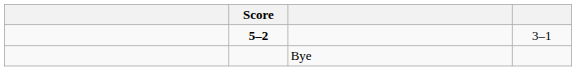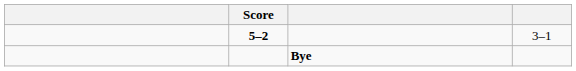 <table class="wikitable" style="text-align: center; ">
 <tr>
 <th align="right" width="270"></th>
 <th width="65">Score</th>
 <th align="left" width="270"></th>
 <th width="65"></th>
 </tr>
 <tr>
 <td align="left"><strong></strong></td>
 <td><strong>5–2</strong></td>
 <td align="left"></td>
 <td>3–1 <strong></strong></td>
 </tr>
 <tr>
 <td align="left"><strong></strong></td>
 <td></td>
-<td style="text-align:left;">Bye</td>
+<td style="text-align:left;"><strong>Bye</strong></td>
 </tr>
 </table>
